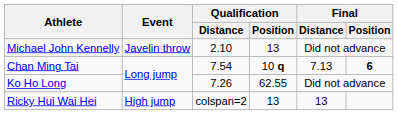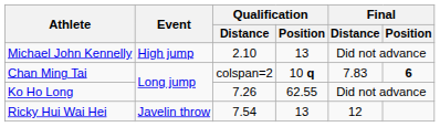 <table class=wikitable style=font-size:90%;text-align:center>
 <tr>
 <th rowspan=2>Athlete</th>
 <th rowspan=2>Event</th>
 <th colspan=2>Qualification</th>
 <th colspan=2>Final</th>
 </tr>
 <tr style=font-size:95%>
 <th>Distance</th>
 <th>Position</th>
 <th>Distance</th>
 <th>Position</th>
 </tr>
 <tr>
 <td align=left><a href='#'>Michael John Kennelly</a></td>
-<td align=left><a href='#'>Javelin throw</a></td>
+<td align=left><a href='#'>High jump</a></td>
 <td>2.10</td>
 <td>13</td>
 <td colspan=2>Did not advance</td>
 </tr>
 <tr>
 <td align=left><a href='#'>Chan Ming Tai</a></td>
 <td align=left rowspan=2><a href='#'>Long jump</a></td>
-<td>7.54</td>
+<td>colspan=2 </td>
 <td>10 <strong>q</strong></td>
-<td>7.13</td>
+<td>7.83</td>
 <td><strong>6</strong></td>
 </tr>
 <tr>
 <td align=left><a href='#'>Ko Ho Long</a></td>
 <td>7.26</td>
 <td>62.55</td>
 <td colspan=2>Did not advance</td>
 </tr>
 <tr>
 <td align=left><a href='#'>Ricky Hui Wai Hei</a></td>
-<td align=left><a href='#'>High jump</a></td>
-<td>colspan=2 </td>
+<td align=left><a href='#'>Javelin throw</a></td>
+<td>7.54</td>
 <td>13</td>
-<td>13</td>
+<td>12</td>
 </tr>
 </table>
